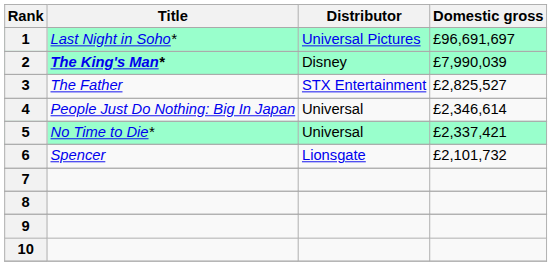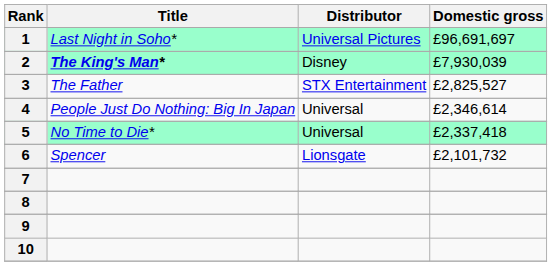 <table class="wikitable" style="margin:auto; margin:auto;">
 <tr>
 <th>Rank</th>
 <th>Title</th>
 <th>Distributor</th>
 <th>Domestic gross </th>
 </tr>
 <tr>
 </tr>
 <tr style="text-align:left; background:#9fc;" 7 |>
 <th style="text-align:center;">1</th>
 <td><em><a href='#'>Last Night in Soho</a>*</em></td>
 <td><a href='#'>Universal Pictures</a></td>
 <td>£96,691,697</td>
 </tr>
 <tr>
 </tr>
 <tr style="text-align:left; background:#9fc;" 7 |>
 <th style="text-align:center;">2</th>
 <td><strong><em><a href='#'>The King's Man</a>*</em></strong></td>
 <td>Disney</td>
-<td>£7,990,039</td>
+<td>£7,930,039</td>
 </tr>
 <tr>
 </tr>
 <tr style="text-align:left; 7 |">
 <th style="text-align:center;">3</th>
 <td><em><a href='#'>The Father</a></em></td>
 <td><a href='#'>STX Entertainment</a></td>
 <td>£2,825,527</td>
 </tr>
 <tr>
 </tr>
 <tr style="text-align:left;|">
 <th style="text-align:center;">4</th>
 <td><em><a href='#'>People Just Do Nothing: Big In Japan</a></em></td>
 <td>Universal</td>
 <td>£2,346,614</td>
 </tr>
 <tr>
 </tr>
 <tr style="text-align:left; background:#9fc;" 7 |>
 <th style="text-align:center;">5</th>
 <td><em><a href='#'>No Time to Die</a>*</em></td>
 <td>Universal</td>
-<td>£2,337,421</td>
+<td>£2,337,418</td>
 </tr>
 <tr>
 </tr>
 <tr style="text-align:left" 10 |>
 <th style="text-align:center;">6</th>
 <td><em><a href='#'>Spencer</a></em></td>
 <td><a href='#'>Lionsgate</a></td>
 <td>£2,101,732</td>
 </tr>
 <tr>
 </tr>
 <tr style="text-align:left" 7 |>
 <th style="text-align:center;">7</th>
 <td></td>
 <td></td>
 <td></td>
 </tr>
 <tr>
 </tr>
 <tr style="text-align:left" 7 |>
 <th style="text-align:center;">8</th>
 <td></td>
 <td></td>
 <td></td>
 </tr>
 <tr>
 </tr>
 <tr style="text-align:left" 9 |>
 <th style="text-align:center;">9</th>
 <td></td>
 <td></td>
 <td></td>
 </tr>
 <tr style="text-align:left" 8 |>
 <th style="text-align:center;">10</th>
 <td></td>
 <td></td>
 <td></td>
 </tr>
 <tr>
 </tr>
 </table>
